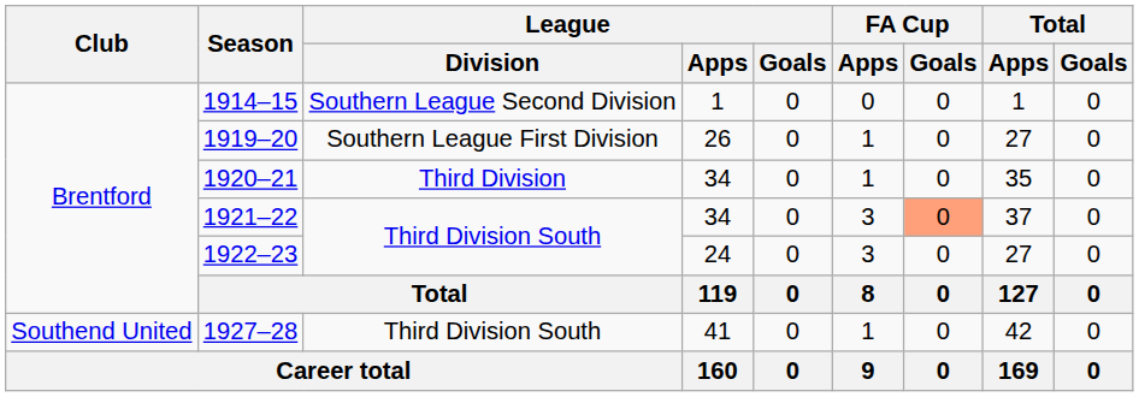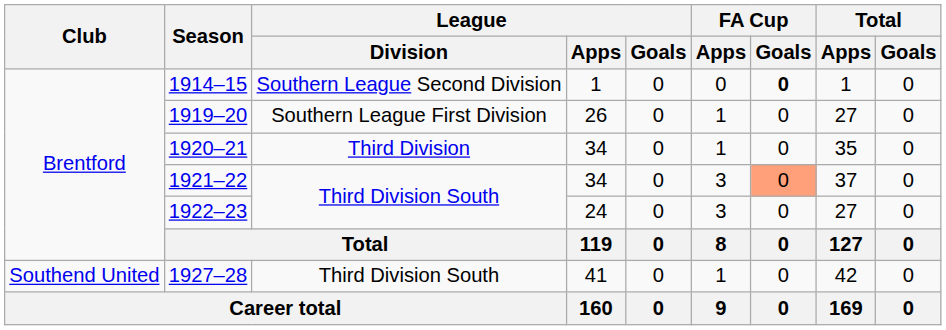 <table class="wikitable" style="text-align: center;">
 <tr>
 <th rowspan="2">Club</th>
 <th rowspan="2">Season</th>
 <th colspan="3">League</th>
 <th colspan="2">FA Cup</th>
 <th colspan="2">Total</th>
 </tr>
 <tr>
 <th>Division</th>
 <th>Apps</th>
 <th>Goals</th>
 <th>Apps</th>
 <th>Goals</th>
 <th>Apps</th>
 <th>Goals</th>
 </tr>
 <tr>
 <td rowspan="6"><a href='#'>Brentford</a></td>
 <td><a href='#'>1914–15</a></td>
 <td><a href='#'>Southern League</a> Second Division</td>
 <td>1</td>
 <td>0</td>
 <td>0</td>
-<td>0</td>
+<td><strong>0</strong></td>
 <td>1</td>
 <td>0</td>
 </tr>
 <tr>
 <td><a href='#'>1919–20</a></td>
 <td>Southern League First Division</td>
 <td>26</td>
 <td>0</td>
 <td>1</td>
 <td>0</td>
 <td>27</td>
 <td>0</td>
 </tr>
 <tr>
 <td><a href='#'>1920–21</a></td>
 <td><a href='#'>Third Division</a></td>
 <td>34</td>
 <td>0</td>
 <td>1</td>
 <td>0</td>
 <td>35</td>
 <td>0</td>
 </tr>
 <tr>
 <td><a href='#'>1921–22</a></td>
 <td rowspan="2"><a href='#'>Third Division South</a></td>
 <td>34</td>
 <td>0</td>
 <td>3</td>
 <td style="background: lightsalmon;">0</td>
 <td>37</td>
 <td>0</td>
 </tr>
 <tr>
 <td><a href='#'>1922–23</a></td>
 <td>24</td>
 <td>0</td>
 <td>3</td>
 <td>0</td>
 <td>27</td>
 <td>0</td>
 </tr>
 <tr>
 <th colspan="2">Total</th>
 <th>119</th>
 <th>0</th>
 <th>8</th>
 <th>0</th>
 <th>127</th>
 <th>0</th>
 </tr>
 <tr>
 <td><a href='#'>Southend United</a></td>
 <td><a href='#'>1927–28</a></td>
 <td>Third Division South</td>
 <td>41</td>
 <td>0</td>
 <td>1</td>
 <td>0</td>
 <td>42</td>
 <td>0</td>
 </tr>
 <tr>
 <th colspan="3">Career total</th>
 <th>160</th>
 <th>0</th>
 <th>9</th>
 <th>0</th>
 <th>169</th>
 <th>0</th>
 </tr>
 </table>
